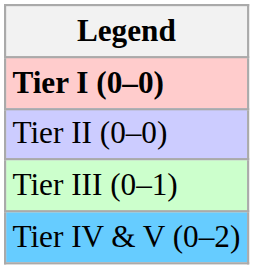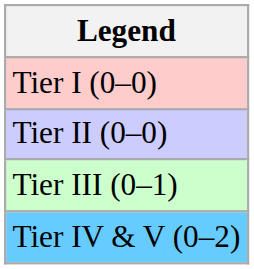 <table class=wikitable style=font-size:90%>
 <tr>
 <th>Legend</th>
 </tr>
 <tr>
-<td bgcolor=#ffcccc><strong>Tier I (0–0)</strong></td>
+<td bgcolor=#ffcccc>Tier I (0–0)</td>
 </tr>
 <tr>
 <td bgcolor=#ccccff>Tier II (0–0)</td>
 </tr>
 <tr>
 <td bgcolor=#CCFFCC>Tier III (0–1)</td>
 </tr>
 <tr>
 <td bgcolor=#66CCFF>Tier IV & V (0–2)</td>
 </tr>
 </table>
